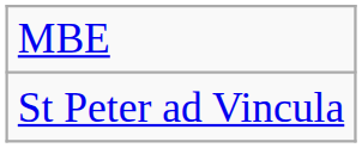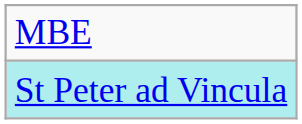 <table class="wikitable" border="1" style="margin-left: auto; margin-right: auto; border: none;">
 <tr>
 <td> <a href='#'>MBE</a></td>
 </tr>
 <tr>
-<td><a href='#'>St Peter ad Vincula</a></td>
+<td style="background: paleturquoise;"><a href='#'>St Peter ad Vincula</a></td>
 </tr>
 </table>
